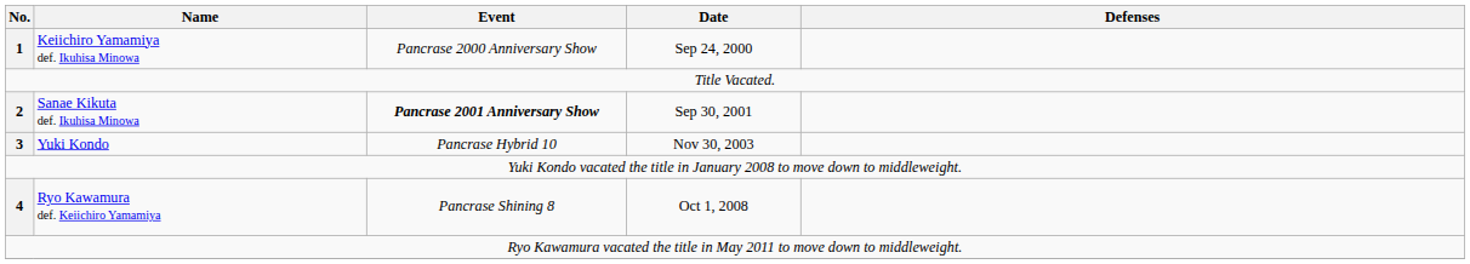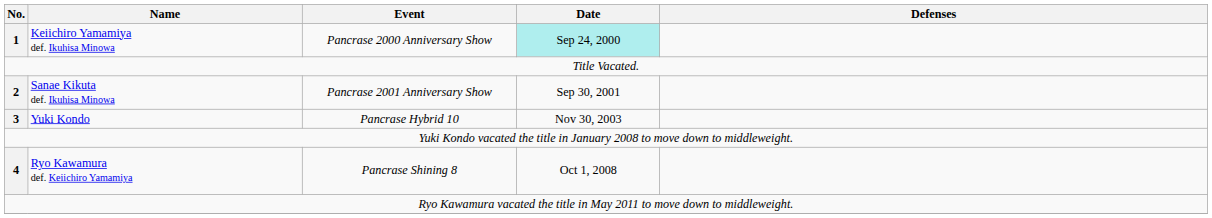 <table class="wikitable" width=100%>
 <tr>
 <th width=1%>No.</th>
 <th width=23%>Name</th>
 <th width=18%>Event</th>
 <th width=12%>Date</th>
 <th width=46%>Defenses</th>
 </tr>
 <tr>
 <th>1</th>
 <td align=left> <a href='#'>Keiichiro Yamamiya</a><br><small>def. <a href='#'>Ikuhisa Minowa</a></small></td>
 <td align=center><em>Pancrase 2000 Anniversary Show</em><br></td>
-<td align=center>Sep 24, 2000</td>
+<td align=center style="background: paleturquoise;">Sep 24, 2000</td>
 <td></td>
 </tr>
 <tr>
 <td colspan=5 align=center><em>Title Vacated.</em></td>
 </tr>
 <tr>
 <th>2</th>
 <td align=left> <a href='#'>Sanae Kikuta</a><br><small>def. <a href='#'>Ikuhisa Minowa</a></small></td>
-<td align=center><strong><em>Pancrase 2001 Anniversary Show</em><br></strong></td>
+<td align=center><em>Pancrase 2001 Anniversary Show</em><br></td>
 <td align=center>Sep 30, 2001</td>
 <td><br></td>
 </tr>
 <tr>
 <th>3</th>
 <td align=left> <a href='#'>Yuki Kondo</a></td>
 <td align=center><em>Pancrase Hybrid 10</em><br></td>
 <td align=center>Nov 30, 2003</td>
 <td><br></td>
 </tr>
 <tr>
 <td colspan=5 align=center><em>Yuki Kondo vacated the title in January 2008 to move down to middleweight.</em></td>
 </tr>
 <tr>
 <th>4</th>
 <td align=left> <a href='#'>Ryo Kawamura</a><br><small>def. <a href='#'>Keiichiro Yamamiya</a></small></td>
 <td align=center><em>Pancrase Shining 8</em><br></td>
 <td align=center>Oct 1, 2008</td>
 <td><br><br> <br> </td>
 </tr>
 <tr>
 <td colspan=5 align=center><em>Ryo Kawamura vacated the title in May 2011 to move down to middleweight.</em></td>
 </tr>
 <tr>
 </tr>
 </table>
